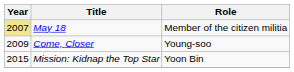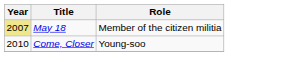 <table class="wikitable">
 <tr>
 <th>Year</th>
 <th>Title</th>
 <th>Role</th>
 </tr>
 <tr>
 <td style="background: khaki;">2007</td>
 <td><em><a href='#'>May 18</a></em></td>
 <td>Member of the citizen militia</td>
 </tr>
 <tr>
-<td>2009</td>
+<td>2010</td>
 <td><em><a href='#'>Come, Closer</a></em></td>
 <td>Young-soo</td>
 </tr>
 <tr>
-<td>2015</td>
-<td><em>Mission: Kidnap the Top Star</em></td>
-<td>Yoon Bin</td>
-</tr>
-<tr>
 </tr>
 </table>
